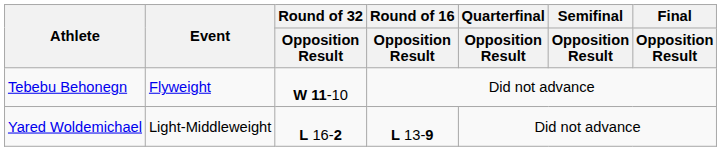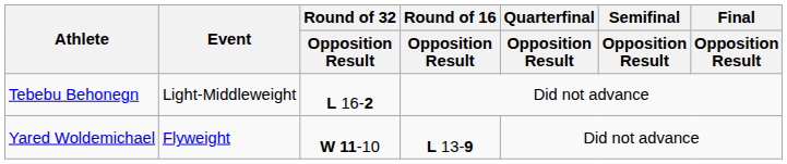 <table class=wikitable style=font-size:90%>
 <tr>
 <th rowspan=2>Athlete</th>
 <th rowspan=2>Event</th>
 <th>Round of 32</th>
 <th>Round of 16</th>
 <th>Quarterfinal</th>
 <th>Semifinal</th>
 <th>Final</th>
 </tr>
 <tr>
 <th>Opposition<br>Result</th>
 <th>Opposition<br>Result</th>
 <th>Opposition<br>Result</th>
 <th>Opposition<br>Result</th>
 <th>Opposition<br>Result</th>
 </tr>
 <tr>
 <td><a href='#'>Tebebu Behonegn</a></td>
-<td><a href='#'>Flyweight</a></td>
-<td align=center><br><strong>W</strong> <strong>11</strong>-10</td>
+<td>Light-Middleweight</td>
+<td align=center><br><strong>L</strong> 16-<strong>2</strong></td>
 <td colspan=4 align=center>Did not advance</td>
 </tr>
 <tr>
 <td><a href='#'>Yared Woldemichael</a></td>
-<td>Light-Middleweight</td>
-<td align=center><br><strong>L</strong> 16-<strong>2</strong></td>
+<td><a href='#'>Flyweight</a></td>
+<td align=center><br><strong>W</strong> <strong>11</strong>-10</td>
 <td align=center><br><strong>L</strong> 13-<strong>9</strong></td>
 <td colspan=3 align=center>Did not advance</td>
 </tr>
 </table>
